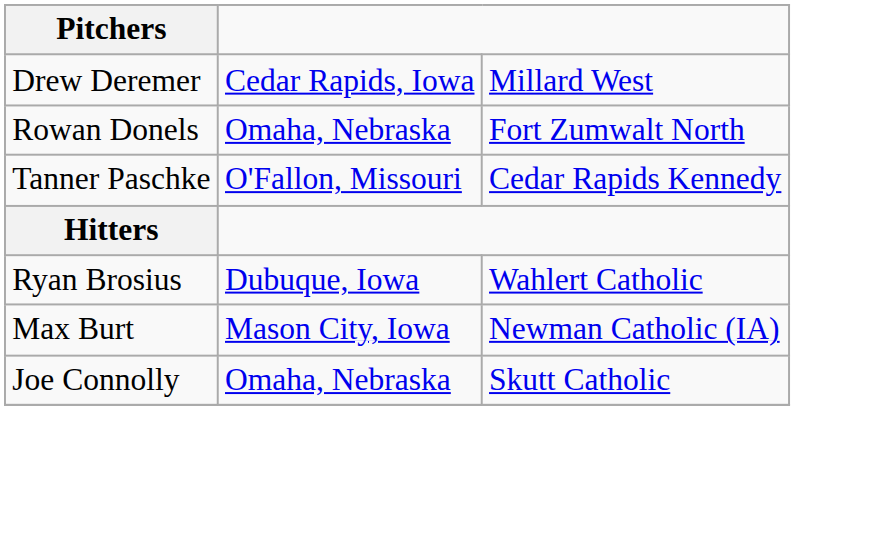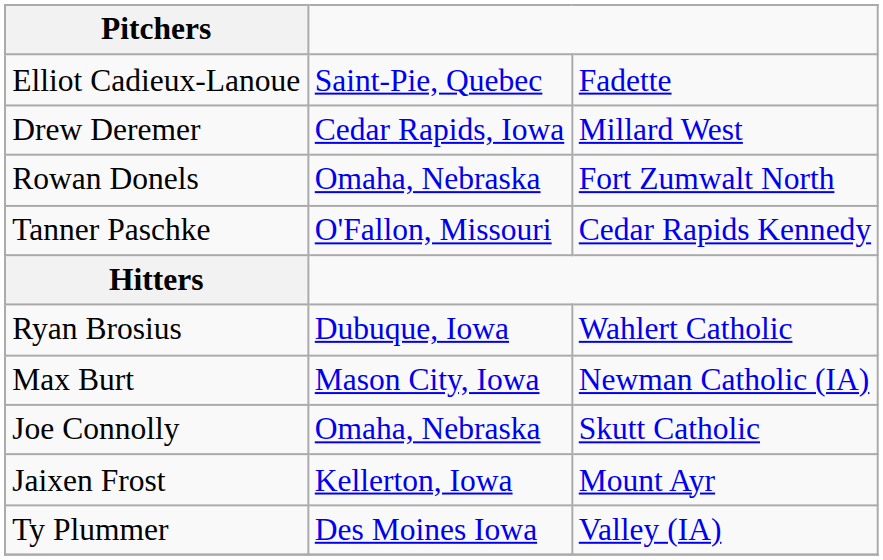 <table class="wikitable">
 <tr>
 <th>Pitchers</th>
+</tr>
+<tr>
+<td>Elliot Cadieux-Lanoue</td>
+<td><a href='#'>Saint-Pie, Quebec</a></td>
+<td><a href='#'>Fadette</a></td>
 </tr>
 <tr>
 <td>Drew Deremer</td>
 <td><a href='#'>Cedar Rapids, Iowa</a></td>
 <td><a href='#'>Millard West</a></td>
 </tr>
 <tr>
 <td>Rowan Donels</td>
 <td><a href='#'>Omaha, Nebraska</a></td>
 <td><a href='#'>Fort Zumwalt North</a></td>
 </tr>
 <tr>
 <td>Tanner Paschke</td>
 <td><a href='#'>O'Fallon, Missouri</a></td>
 <td><a href='#'>Cedar Rapids Kennedy</a></td>
 </tr>
 <tr>
 <th>Hitters</th>
 </tr>
 <tr>
 <td>Ryan Brosius</td>
 <td><a href='#'>Dubuque, Iowa</a></td>
 <td><a href='#'>Wahlert Catholic</a></td>
 </tr>
 <tr>
 <td>Max Burt</td>
 <td><a href='#'>Mason City, Iowa</a></td>
 <td><a href='#'>Newman Catholic (IA)</a></td>
 </tr>
 <tr>
 <td>Joe Connolly</td>
 <td><a href='#'>Omaha, Nebraska</a></td>
 <td><a href='#'>Skutt Catholic</a></td>
 </tr>
 <tr>
+<td>Jaixen Frost</td>
+<td><a href='#'>Kellerton, Iowa</a></td>
+<td><a href='#'>Mount Ayr</a></td>
+</tr>
+<tr>
+<td>Ty Plummer</td>
+<td><a href='#'>Des Moines Iowa</a></td>
+<td><a href='#'>Valley (IA)</a></td>
+</tr>
+<tr>
 </tr>
 </table>
